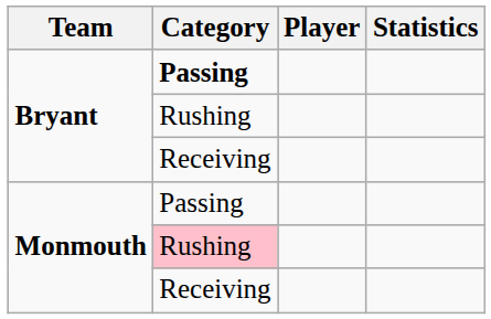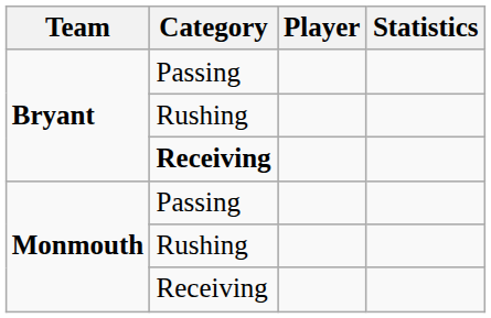 <table class="wikitable" style="float: right;">
 <tr>
 <th>Team</th>
 <th>Category</th>
 <th>Player</th>
 <th>Statistics</th>
 </tr>
 <tr>
 <td rowspan=3><strong>Bryant</strong></td>
-<td><strong>Passing</strong></td>
+<td>Passing</td>
+<td></td>
+<td></td>
+</tr>
+<tr>
+<td>Rushing</td>
+<td></td>
+<td></td>
+</tr>
+<tr>
+<td><strong>Receiving</strong></td>
+<td></td>
+<td></td>
+</tr>
+<tr>
+<td rowspan=3><strong>Monmouth</strong></td>
+<td>Passing</td>
 <td></td>
 <td></td>
 </tr>
 <tr>
 <td>Rushing</td>
 <td></td>
 <td></td>
 </tr>
 <tr>
 <td>Receiving</td>
 <td></td>
 <td></td>
 </tr>
-<tr>
-<td rowspan=3><strong>Monmouth</strong></td>
-<td>Passing</td>
-<td></td>
-<td></td>
-</tr>
-<tr>
-<td style="background: pink;">Rushing</td>
-<td></td>
-<td></td>
-</tr>
-<tr>
-<td>Receiving</td>
-<td></td>
-<td></td>
-</tr>
 </table>
